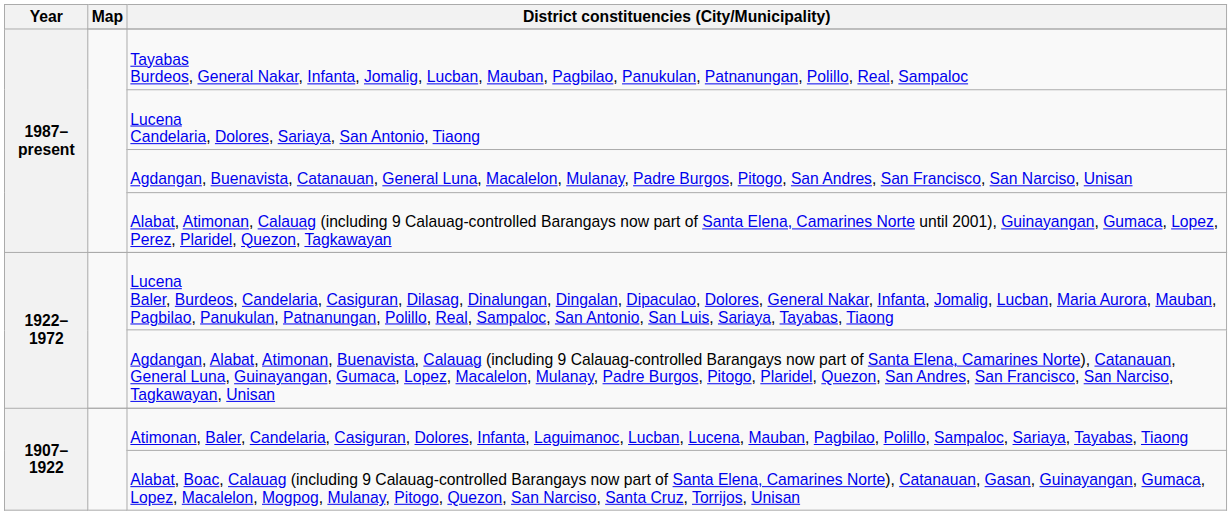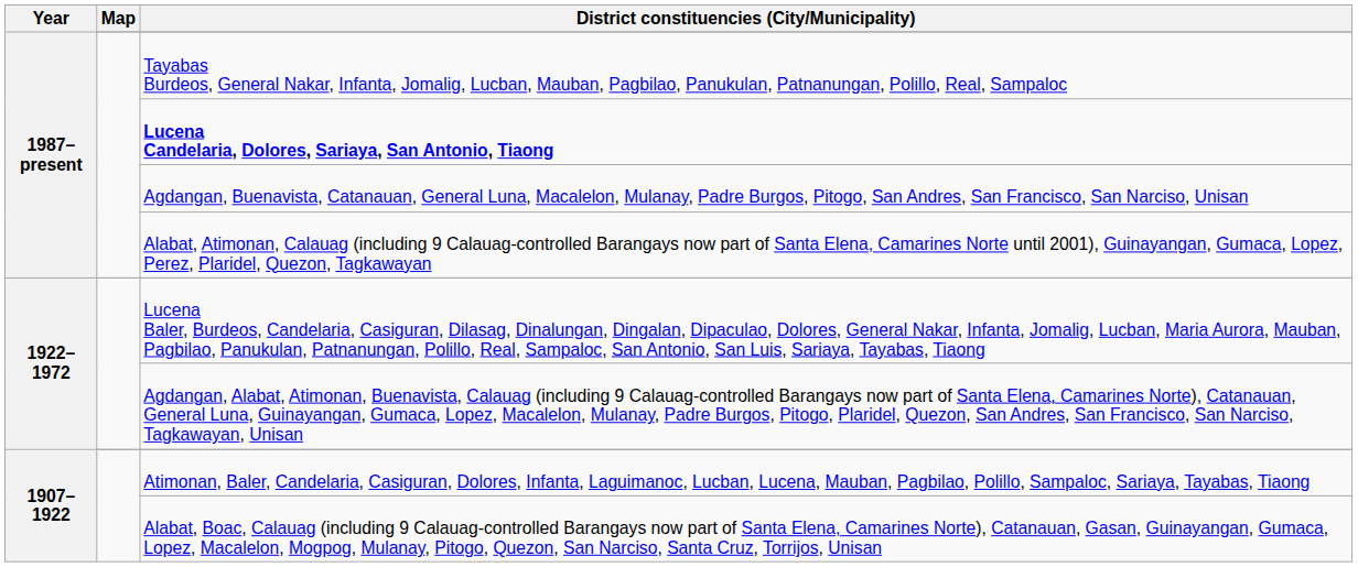 <table class="wikitable">
 <tr>
 <th>Year</th>
 <th>Map</th>
 <th>District constituencies (City/Municipality)</th>
 </tr>
 <tr>
 <th rowspan="5">1987–present</th>
 </tr>
 <tr>
 <td rowspan="4"></td>
 <td> <br> <a href='#'>Tayabas</a> <br> <a href='#'>Burdeos</a>, <a href='#'>General Nakar</a>, <a href='#'>Infanta</a>, <a href='#'>Jomalig</a>, <a href='#'>Lucban</a>, <a href='#'>Mauban</a>, <a href='#'>Pagbilao</a>, <a href='#'>Panukulan</a>, <a href='#'>Patnanungan</a>, <a href='#'>Polillo</a>, <a href='#'>Real</a>, <a href='#'>Sampaloc</a></td>
 </tr>
 <tr>
-<td> <br> <a href='#'>Lucena</a> <br> <a href='#'>Candelaria</a>, <a href='#'>Dolores</a>, <a href='#'>Sariaya</a>, <a href='#'>San Antonio</a>, <a href='#'>Tiaong</a></td>
+<td><strong> <br> <a href='#'>Lucena</a> <br> <a href='#'>Candelaria</a>, <a href='#'>Dolores</a>, <a href='#'>Sariaya</a>, <a href='#'>San Antonio</a>, <a href='#'>Tiaong</a></strong></td>
 </tr>
 <tr>
 <td> <br> <a href='#'>Agdangan</a>, <a href='#'>Buenavista</a>, <a href='#'>Catanauan</a>, <a href='#'>General Luna</a>, <a href='#'>Macalelon</a>, <a href='#'>Mulanay</a>, <a href='#'>Padre Burgos</a>, <a href='#'>Pitogo</a>, <a href='#'>San Andres</a>, <a href='#'>San Francisco</a>, <a href='#'>San Narciso</a>, <a href='#'>Unisan</a></td>
 </tr>
 <tr>
 <td> <br> <a href='#'>Alabat</a>, <a href='#'>Atimonan</a>, <a href='#'>Calauag</a> (including 9 Calauag-controlled Barangays now part of <a href='#'>Santa Elena, Camarines Norte</a> until 2001), <a href='#'>Guinayangan</a>, <a href='#'>Gumaca</a>, <a href='#'>Lopez</a>, <a href='#'>Perez</a>, <a href='#'>Plaridel</a>, <a href='#'>Quezon</a>, <a href='#'>Tagkawayan</a></td>
 </tr>
 <tr>
 <th rowspan="3">1922–1972</th>
 </tr>
 <tr>
 <td rowspan="2"></td>
 <td> <br> <a href='#'>Lucena</a> <br> <a href='#'>Baler</a>, <a href='#'>Burdeos</a>, <a href='#'>Candelaria</a>, <a href='#'>Casiguran</a>, <a href='#'>Dilasag</a>, <a href='#'>Dinalungan</a>, <a href='#'>Dingalan</a>, <a href='#'>Dipaculao</a>, <a href='#'>Dolores</a>, <a href='#'>General Nakar</a>, <a href='#'>Infanta</a>, <a href='#'>Jomalig</a>, <a href='#'>Lucban</a>, <a href='#'>Maria Aurora</a>, <a href='#'>Mauban</a>, <a href='#'>Pagbilao</a>, <a href='#'>Panukulan</a>, <a href='#'>Patnanungan</a>, <a href='#'>Polillo</a>, <a href='#'>Real</a>, <a href='#'>Sampaloc</a>, <a href='#'>San Antonio</a>, <a href='#'>San Luis</a>, <a href='#'>Sariaya</a>, <a href='#'>Tayabas</a>, <a href='#'>Tiaong</a></td>
 </tr>
 <tr>
 <td> <br> <a href='#'>Agdangan</a>, <a href='#'>Alabat</a>, <a href='#'>Atimonan</a>, <a href='#'>Buenavista</a>, <a href='#'>Calauag</a> (including 9 Calauag-controlled Barangays now part of <a href='#'>Santa Elena, Camarines Norte</a>), <a href='#'>Catanauan</a>, <a href='#'>General Luna</a>, <a href='#'>Guinayangan</a>, <a href='#'>Gumaca</a>, <a href='#'>Lopez</a>, <a href='#'>Macalelon</a>, <a href='#'>Mulanay</a>, <a href='#'>Padre Burgos</a>, <a href='#'>Pitogo</a>, <a href='#'>Plaridel</a>, <a href='#'>Quezon</a>, <a href='#'>San Andres</a>, <a href='#'>San Francisco</a>, <a href='#'>San Narciso</a>, <a href='#'>Tagkawayan</a>, <a href='#'>Unisan</a></td>
 </tr>
 <tr>
 <th rowspan="3">1907–1922</th>
 </tr>
 <tr>
 <td rowspan="2"></td>
 <td> <br> <a href='#'>Atimonan</a>, <a href='#'>Baler</a>, <a href='#'>Candelaria</a>, <a href='#'>Casiguran</a>, <a href='#'>Dolores</a>, <a href='#'>Infanta</a>, <a href='#'>Laguimanoc</a>, <a href='#'>Lucban</a>, <a href='#'>Lucena</a>, <a href='#'>Mauban</a>, <a href='#'>Pagbilao</a>, <a href='#'>Polillo</a>, <a href='#'>Sampaloc</a>, <a href='#'>Sariaya</a>, <a href='#'>Tayabas</a>, <a href='#'>Tiaong</a></td>
 </tr>
 <tr>
 <td> <br> <a href='#'>Alabat</a>, <a href='#'>Boac</a>, <a href='#'>Calauag</a> (including 9 Calauag-controlled Barangays now part of <a href='#'>Santa Elena, Camarines Norte</a>), <a href='#'>Catanauan</a>, <a href='#'>Gasan</a>, <a href='#'>Guinayangan</a>, <a href='#'>Gumaca</a>, <a href='#'>Lopez</a>, <a href='#'>Macalelon</a>, <a href='#'>Mogpog</a>, <a href='#'>Mulanay</a>, <a href='#'>Pitogo</a>, <a href='#'>Quezon</a>, <a href='#'>San Narciso</a>, <a href='#'>Santa Cruz</a>, <a href='#'>Torrijos</a>, <a href='#'>Unisan</a></td>
 </tr>
 </table>
